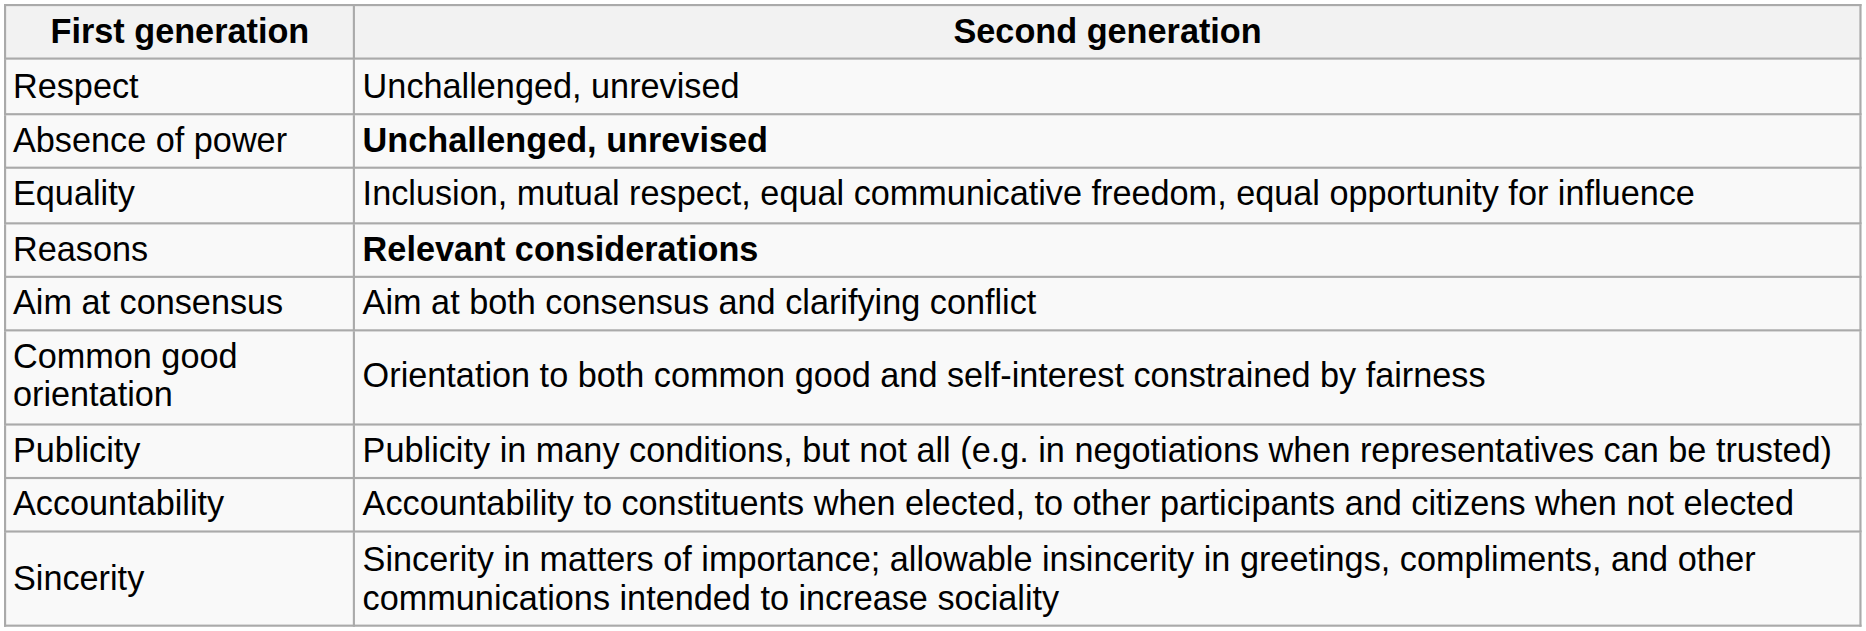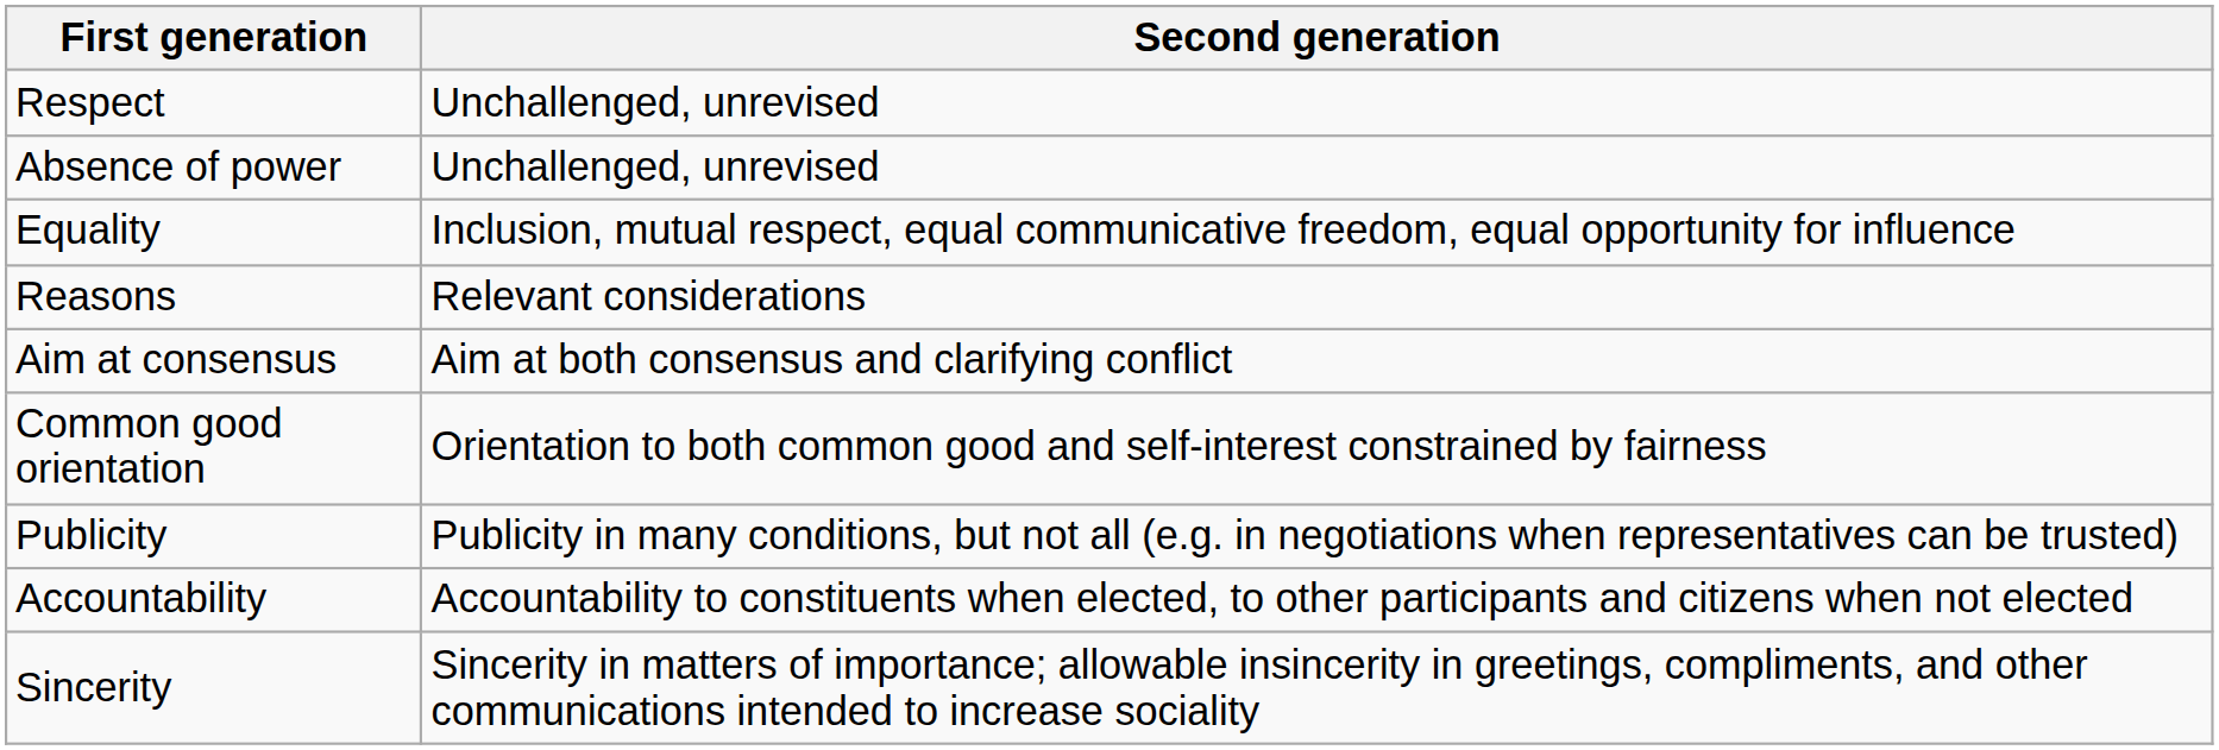 <table class="wikitable">
 <tr>
 <th>First generation</th>
 <th>Second generation</th>
 </tr>
 <tr>
 <td>Respect</td>
 <td>Unchallenged, unrevised</td>
 </tr>
 <tr>
 <td>Absence of power</td>
-<td><strong>Unchallenged, unrevised</strong></td>
+<td>Unchallenged, unrevised</td>
 </tr>
 <tr>
 <td>Equality</td>
 <td>Inclusion, mutual respect, equal communicative freedom, equal opportunity for influence</td>
 </tr>
 <tr>
 <td>Reasons</td>
-<td><strong>Relevant considerations</strong></td>
+<td>Relevant considerations</td>
 </tr>
 <tr>
 <td>Aim at consensus</td>
 <td>Aim at both consensus and clarifying conflict</td>
 </tr>
 <tr>
 <td>Common good orientation</td>
 <td>Orientation to both common good and self-interest constrained by fairness</td>
 </tr>
 <tr>
 <td>Publicity</td>
 <td>Publicity in many conditions, but not all (e.g. in negotiations when representatives can be trusted)</td>
 </tr>
 <tr>
 <td>Accountability</td>
 <td>Accountability to constituents when elected, to other participants and citizens when not elected</td>
 </tr>
 <tr>
 <td>Sincerity</td>
 <td>Sincerity in matters of importance; allowable insincerity in greetings, compliments, and other communications intended to increase sociality</td>
 </tr>
 </table>
